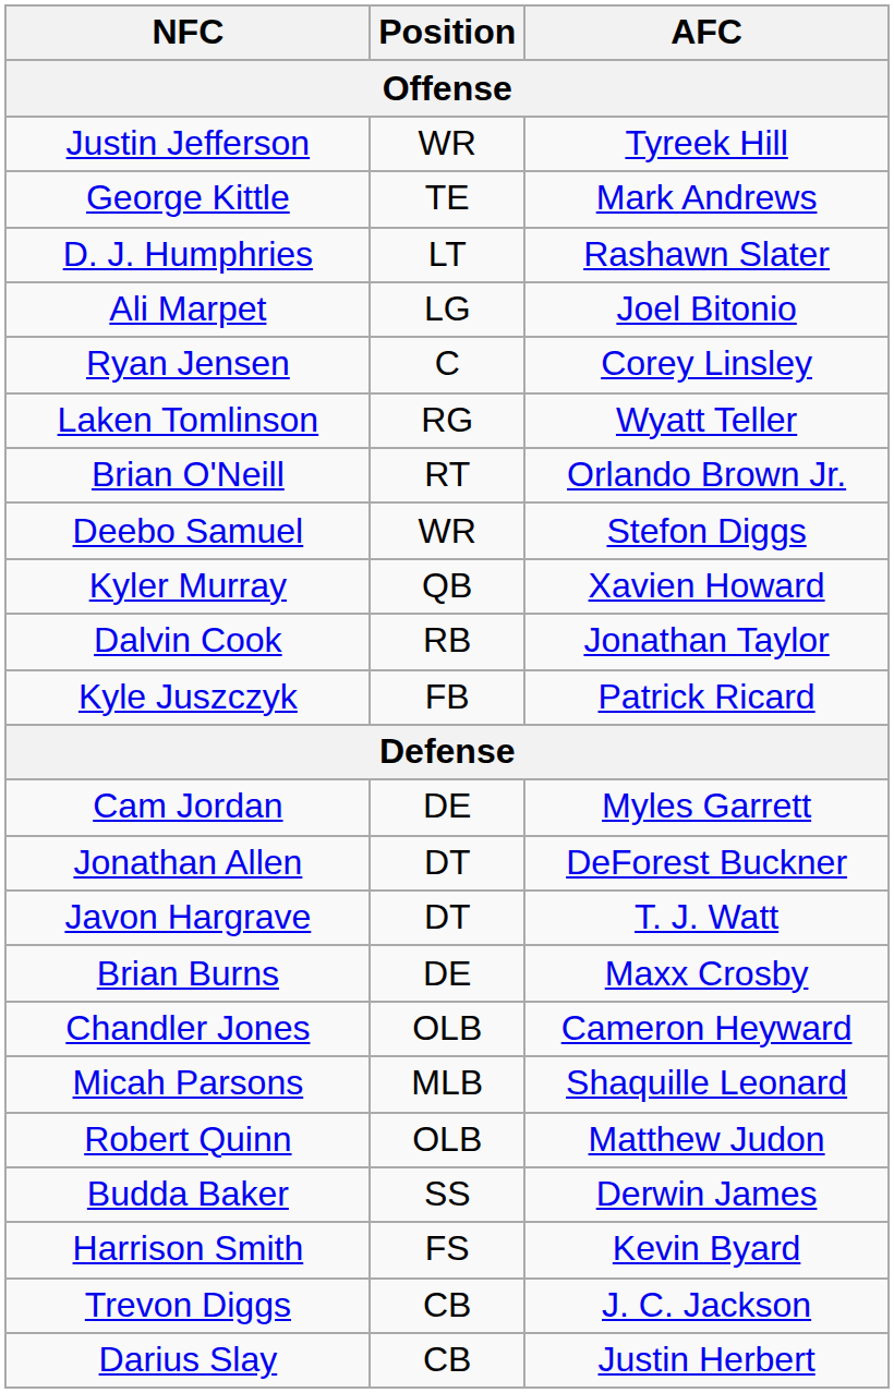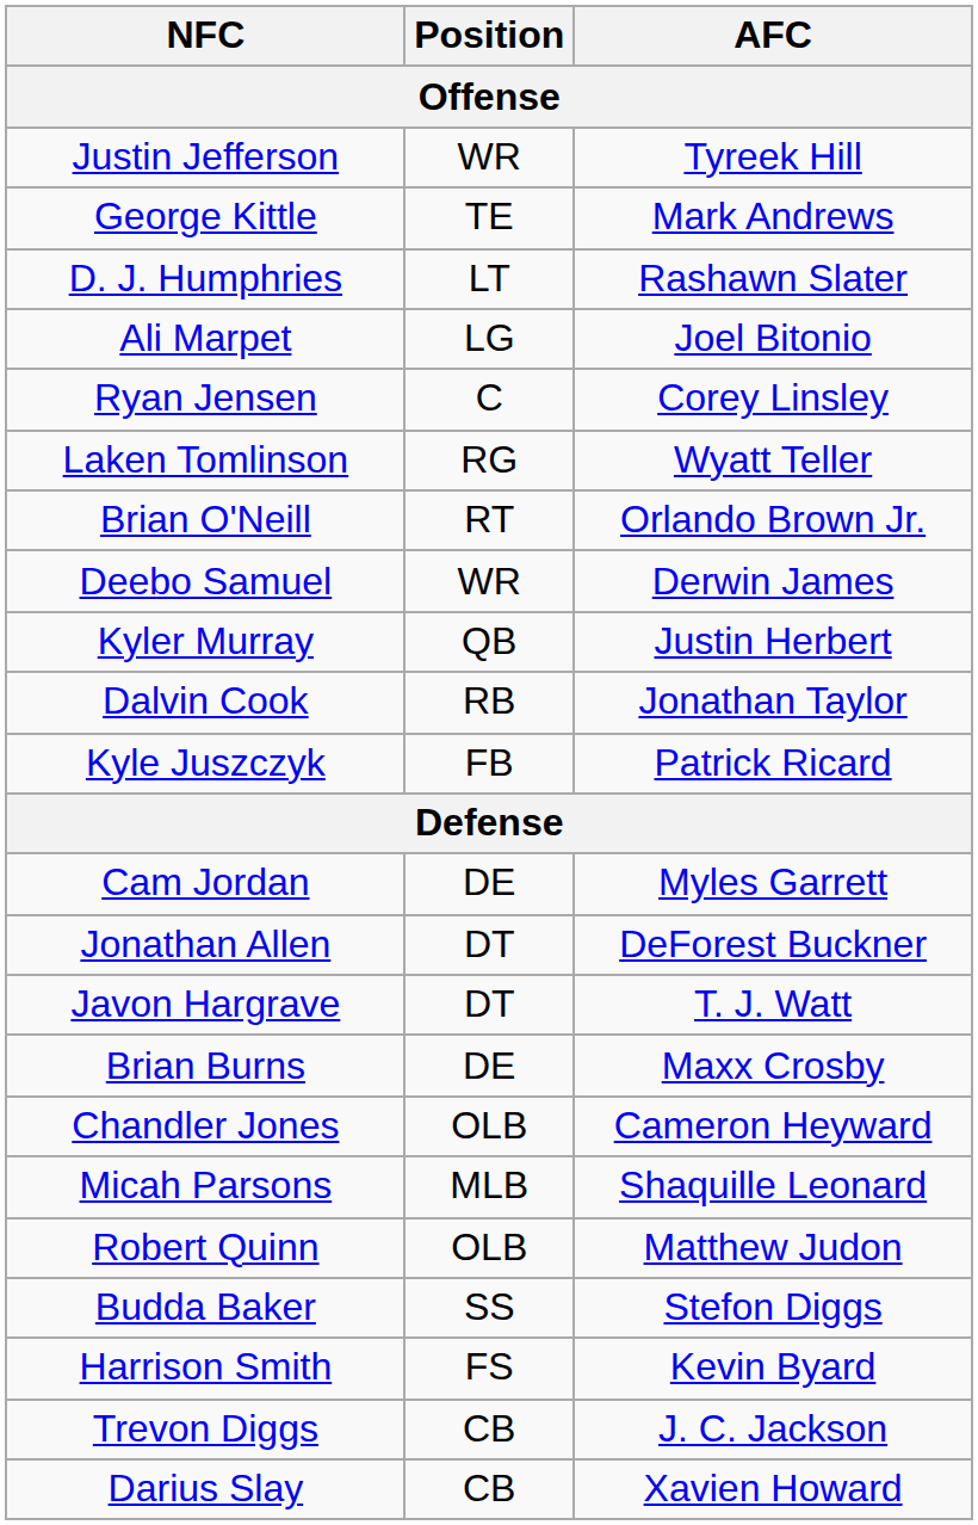 <table class="wikitable" style="text-align:center">
 <tr>
 <th style="width:160px;">NFC</th>
 <th colspan="2">Position</th>
 <th style="width:160px;">AFC</th>
 </tr>
 <tr>
 <th colspan="4">Offense</th>
 </tr>
 <tr>
 <td><a href='#'>Justin Jefferson</a></td>
 <td colspan="2">WR</td>
 <td><a href='#'>Tyreek Hill</a></td>
 </tr>
 <tr>
 <td><a href='#'>George Kittle</a></td>
 <td colspan="2">TE</td>
 <td><a href='#'>Mark Andrews</a></td>
 </tr>
 <tr>
 <td><a href='#'>D. J. Humphries</a></td>
 <td colspan="2">LT</td>
 <td><a href='#'>Rashawn Slater</a></td>
 </tr>
 <tr>
 <td><a href='#'>Ali Marpet</a></td>
 <td colspan="2">LG</td>
 <td><a href='#'>Joel Bitonio</a></td>
 </tr>
 <tr>
 <td><a href='#'>Ryan Jensen</a></td>
 <td colspan="2">C</td>
 <td><a href='#'>Corey Linsley</a></td>
 </tr>
 <tr>
 <td><a href='#'>Laken Tomlinson</a></td>
 <td colspan="2">RG</td>
 <td><a href='#'>Wyatt Teller</a></td>
 </tr>
 <tr>
 <td><a href='#'>Brian O'Neill</a></td>
 <td colspan="2">RT</td>
 <td><a href='#'>Orlando Brown Jr.</a></td>
 </tr>
 <tr>
 <td><a href='#'>Deebo Samuel</a></td>
 <td colspan="2">WR</td>
-<td><a href='#'>Stefon Diggs</a></td>
+<td><a href='#'>Derwin James</a></td>
 </tr>
 <tr>
 <td><a href='#'>Kyler Murray</a></td>
 <td colspan="2">QB</td>
-<td><a href='#'>Xavien Howard</a></td>
+<td><a href='#'>Justin Herbert</a></td>
 </tr>
 <tr>
 <td><a href='#'>Dalvin Cook</a></td>
 <td colspan="2">RB</td>
 <td><a href='#'>Jonathan Taylor</a></td>
 </tr>
 <tr>
 <td><a href='#'>Kyle Juszczyk</a></td>
 <td colspan="2">FB</td>
 <td><a href='#'>Patrick Ricard</a></td>
 </tr>
 <tr>
 <th colspan="4">Defense</th>
 </tr>
 <tr>
 <td><a href='#'>Cam Jordan</a></td>
 <td colspan="2">DE</td>
 <td><a href='#'>Myles Garrett</a></td>
 </tr>
 <tr>
 <td><a href='#'>Jonathan Allen</a></td>
 <td colspan="2">DT</td>
 <td><a href='#'>DeForest Buckner</a></td>
 </tr>
 <tr>
 <td><a href='#'>Javon Hargrave</a></td>
 <td colspan="2">DT</td>
 <td><a href='#'>T. J. Watt</a></td>
 </tr>
 <tr>
 <td><a href='#'>Brian Burns</a></td>
 <td colspan="2">DE</td>
 <td><a href='#'>Maxx Crosby</a></td>
 </tr>
 <tr>
 <td><a href='#'>Chandler Jones</a></td>
 <td colspan="2">OLB</td>
 <td><a href='#'>Cameron Heyward</a></td>
 </tr>
 <tr>
 <td><a href='#'>Micah Parsons</a></td>
 <td colspan="2">MLB</td>
 <td><a href='#'>Shaquille Leonard</a></td>
 </tr>
 <tr>
 <td><a href='#'>Robert Quinn</a></td>
 <td colspan="2">OLB</td>
 <td><a href='#'>Matthew Judon</a></td>
 </tr>
 <tr>
 <td><a href='#'>Budda Baker</a></td>
 <td colspan="2">SS</td>
-<td><a href='#'>Derwin James</a></td>
+<td><a href='#'>Stefon Diggs</a></td>
 </tr>
 <tr>
 <td><a href='#'>Harrison Smith</a></td>
 <td colspan="2">FS</td>
 <td><a href='#'>Kevin Byard</a></td>
 </tr>
 <tr>
 <td><a href='#'>Trevon Diggs</a></td>
 <td colspan="2">CB</td>
 <td><a href='#'>J. C. Jackson</a></td>
 </tr>
 <tr>
 <td><a href='#'>Darius Slay</a></td>
 <td colspan="2">CB</td>
-<td><a href='#'>Justin Herbert</a></td>
+<td><a href='#'>Xavien Howard</a></td>
 </tr>
 </table>
